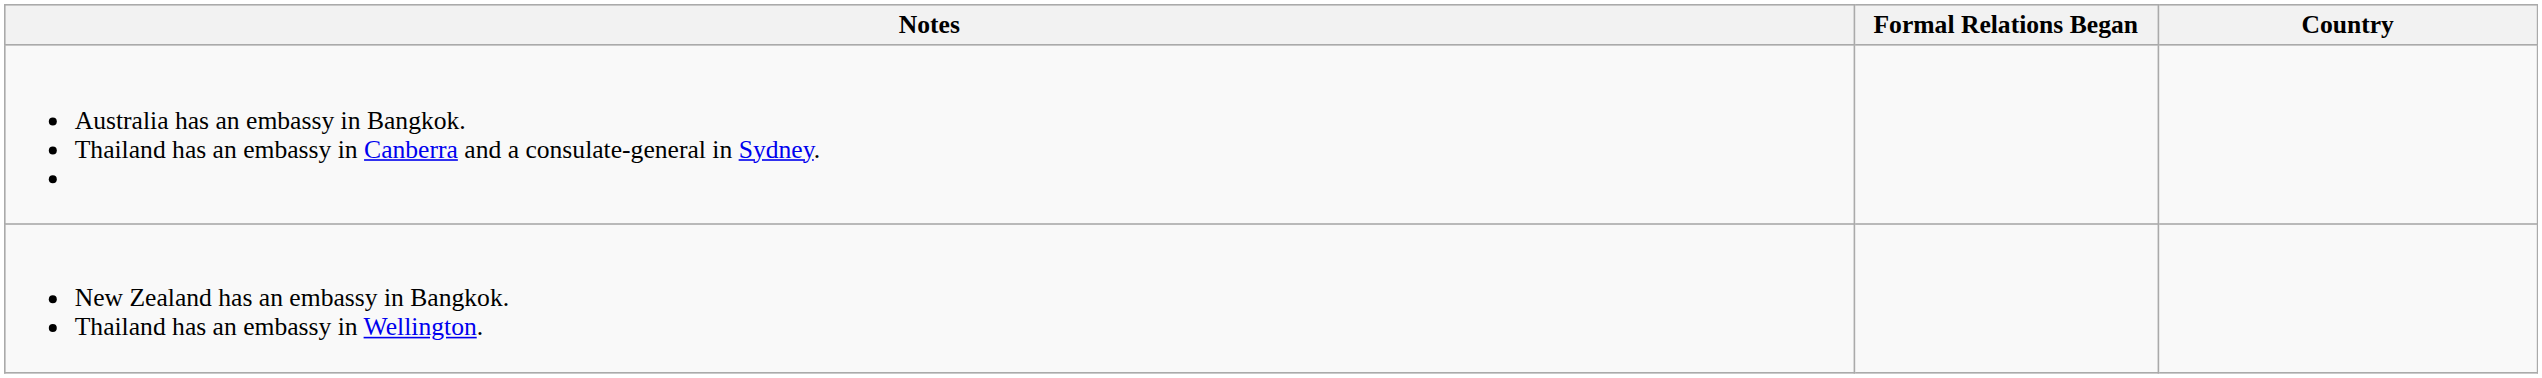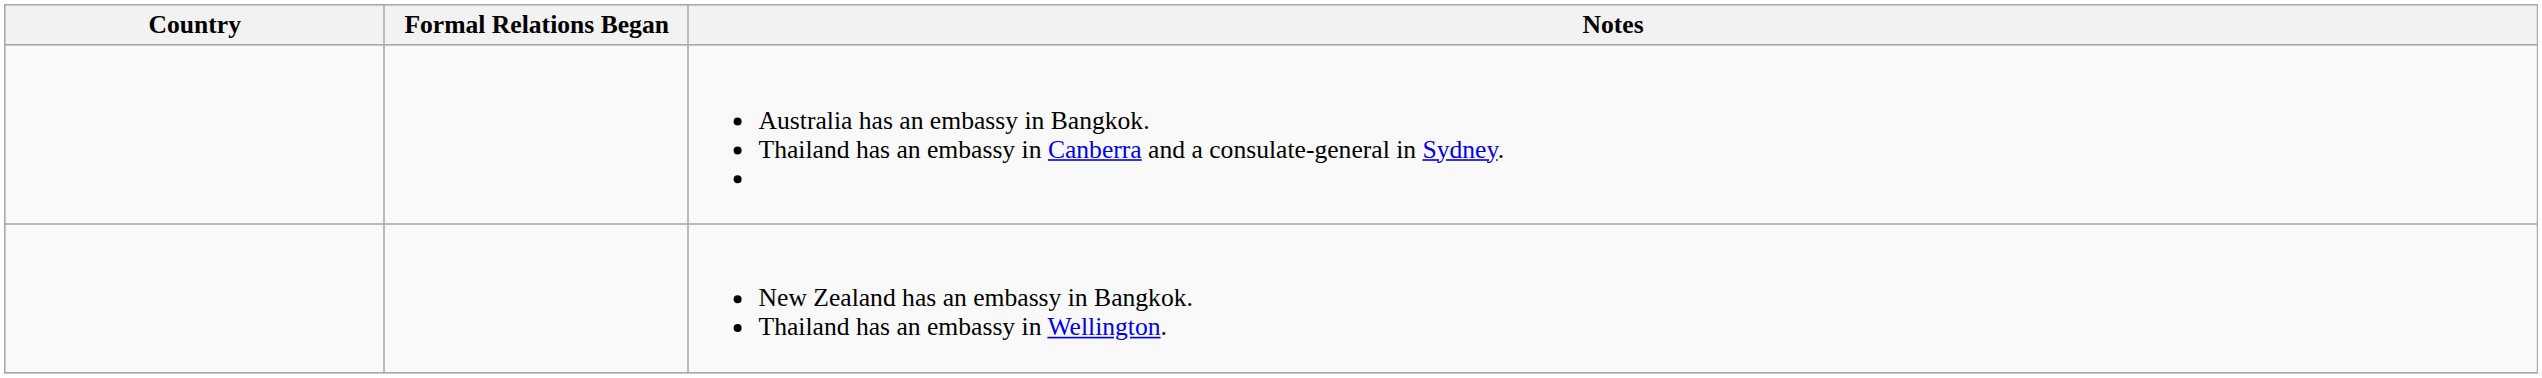 <table class="wikitable sortable" style="width:100%; margin:auto;">
 <tr>
+<th style="width:15%;">Country</th>
+<th style="width:12%;">Formal Relations Began</th>
 <th>Notes</th>
-<th style="width:12%;">Formal Relations Began</th>
-<th style="width:15%;">Country</th>
 </tr>
 <tr valign="top">
-<td><br><ul><li>Australia has an embassy in Bangkok.</li><li>Thailand has an embassy in <a href='#'>Canberra</a> and a consulate-general in <a href='#'>Sydney</a>.</li><li></li></ul></td>
 <td></td>
 <td></td>
+<td><br><ul><li>Australia has an embassy in Bangkok.</li><li>Thailand has an embassy in <a href='#'>Canberra</a> and a consulate-general in <a href='#'>Sydney</a>.</li><li></li></ul></td>
 </tr>
 <tr valign="top">
-<td><br><ul><li>New Zealand has an embassy in Bangkok.</li><li>Thailand has an embassy in <a href='#'>Wellington</a>.</li></ul></td>
 <td></td>
 <td></td>
+<td><br><ul><li>New Zealand has an embassy in Bangkok.</li><li>Thailand has an embassy in <a href='#'>Wellington</a>.</li></ul></td>
 </tr>
 </table>
